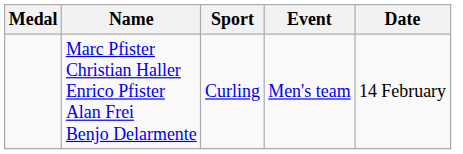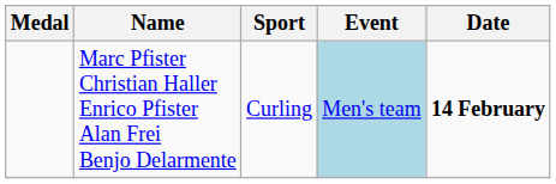 <table class="wikitable" style="font-size: 95%;">
 <tr>
 <th>Medal</th>
 <th>Name</th>
 <th>Sport</th>
 <th>Event</th>
 <th>Date</th>
 </tr>
 <tr>
 <td></td>
 <td><a href='#'>Marc Pfister</a><br><a href='#'>Christian Haller</a><br><a href='#'>Enrico Pfister</a><br><a href='#'>Alan Frei</a><br><a href='#'>Benjo Delarmente</a></td>
 <td><a href='#'>Curling</a></td>
-<td><a href='#'>Men's team</a></td>
-<td>14 February</td>
+<td style="background: lightblue;"><a href='#'>Men's team</a></td>
+<td><strong>14 February</strong></td>
 </tr>
 <tr>
 </tr>
 </table>
